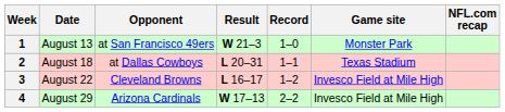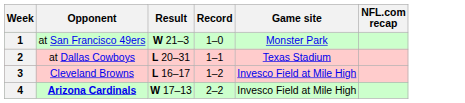 <table class="wikitable" style="text-align:center;">
 <tr>
 <th>Week</th>
-<th>Date</th>
 <th>Opponent</th>
 <th>Result</th>
 <th>Record</th>
 <th>Game site</th>
 <th>NFL.com<br>recap</th>
 </tr>
 <tr style="background:#cfc">
 <th>1</th>
-<td>August 13</td>
 <td>at <a href='#'>San Francisco 49ers</a></td>
 <td><strong>W</strong> 21–3</td>
 <td>1–0</td>
 <td><a href='#'>Monster Park</a></td>
 <td></td>
 </tr>
 <tr style="background:#fcc">
 <th>2</th>
-<td>August 18</td>
 <td>at <a href='#'>Dallas Cowboys</a></td>
 <td><strong>L</strong> 20–31</td>
 <td>1–1</td>
 <td><a href='#'>Texas Stadium</a></td>
 <td></td>
 </tr>
 <tr style="background:#fcc">
 <th>3</th>
-<td>August 22</td>
 <td><a href='#'>Cleveland Browns</a></td>
 <td><strong>L</strong> 16–17</td>
 <td>1–2</td>
 <td><a href='#'>Invesco Field at Mile High</a></td>
 <td></td>
 </tr>
 <tr style="background:#cfc">
 <th>4</th>
-<td>August 29</td>
-<td><a href='#'>Arizona Cardinals</a></td>
+<td><strong><a href='#'>Arizona Cardinals</a></strong></td>
 <td><strong>W</strong> 17–13</td>
 <td>2–2</td>
 <td>Invesco Field at Mile High</td>
 <td></td>
 </tr>
 </table>
